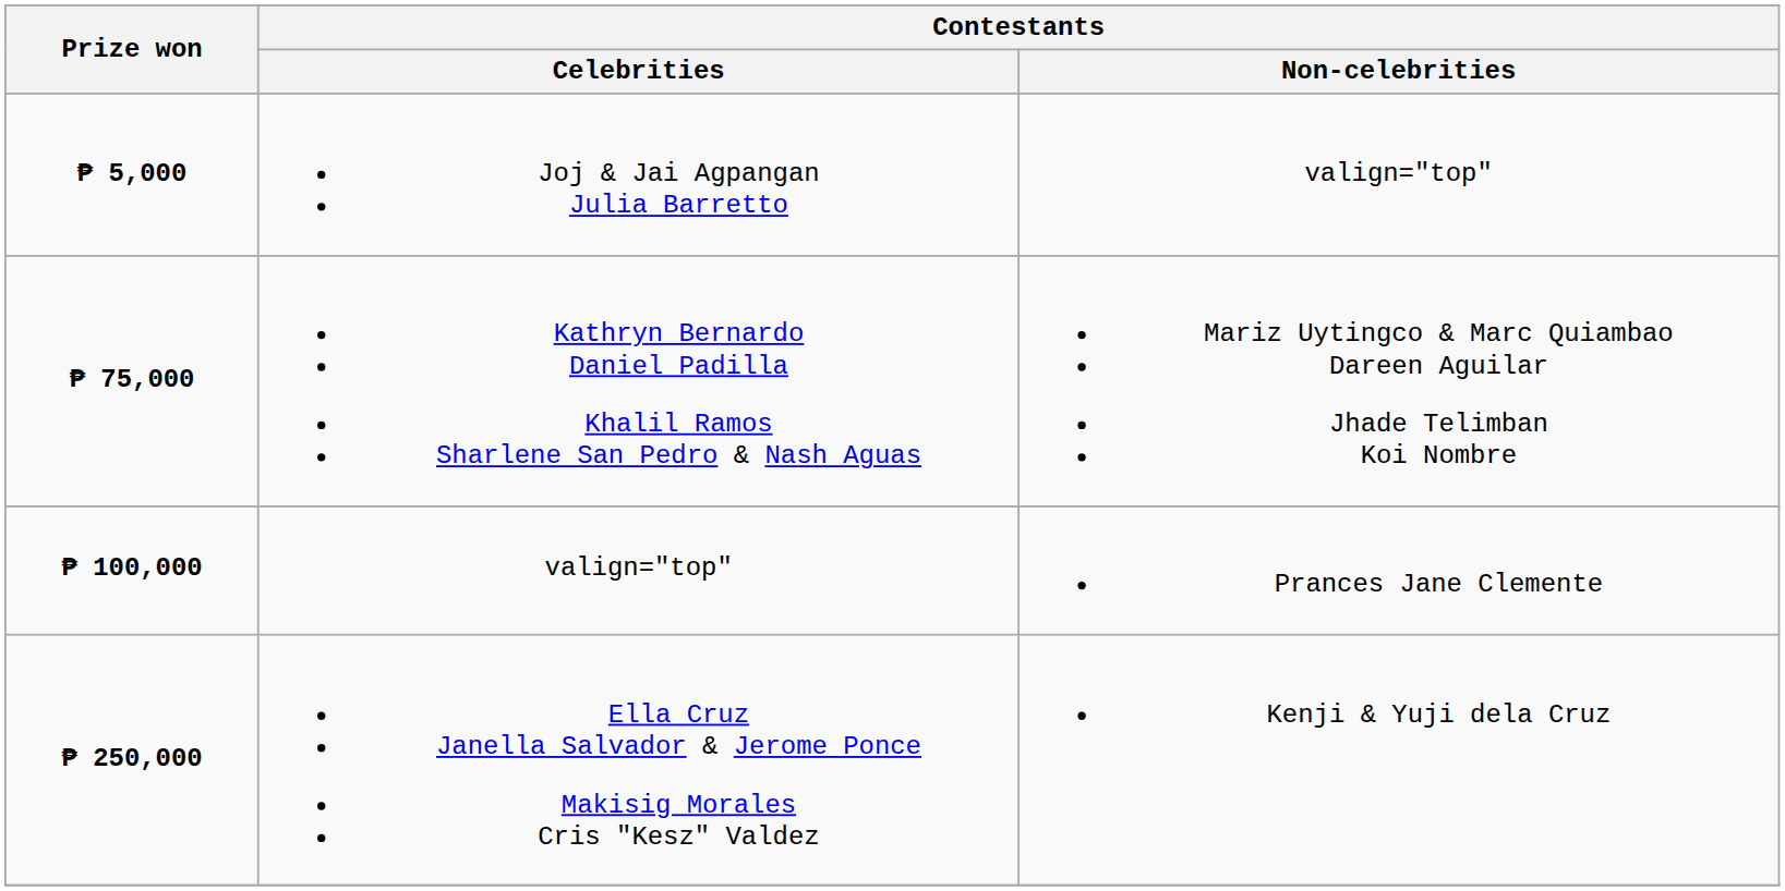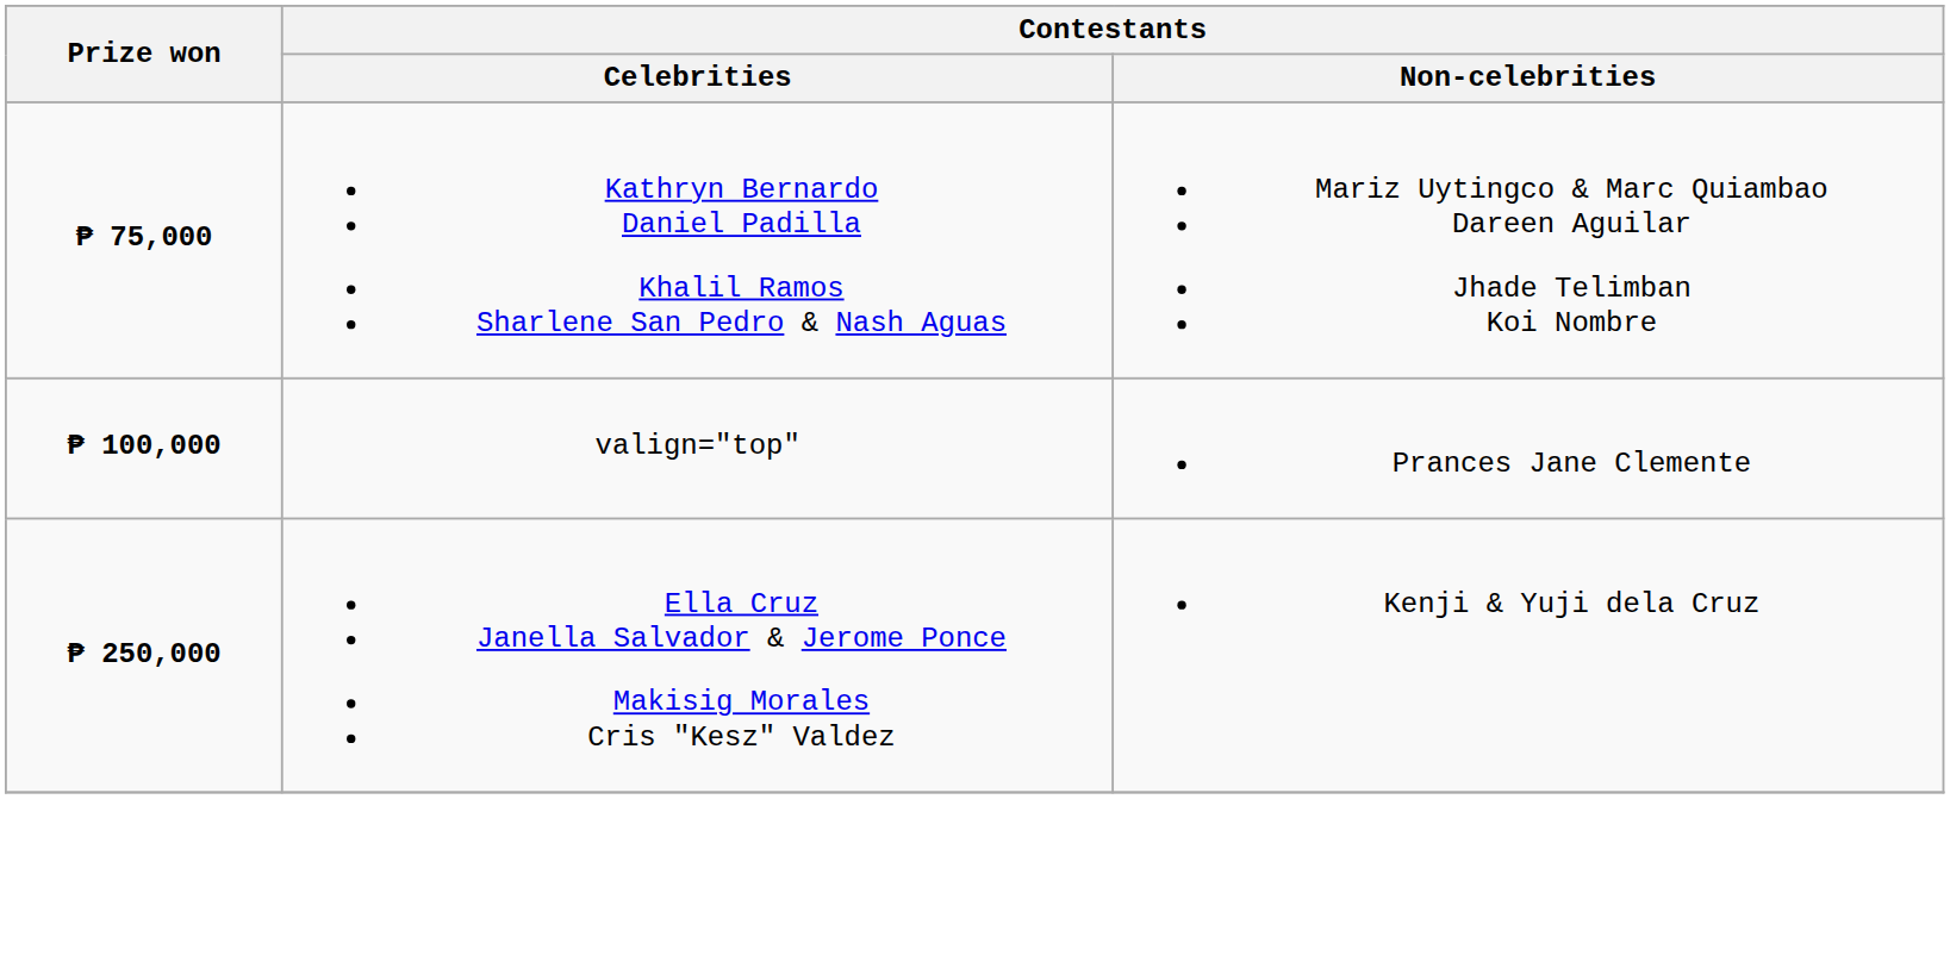 <table class="wikitable" style="text-align:center; line-height:16px; font-size:100%;" width="70%">
 <tr>
 <th width="10%" rowspan="2">Prize won</th>
 <th width="60%" colspan="2">Contestants</th>
 </tr>
 <tr>
 <th width="30%">Celebrities</th>
 <th width="30%">Non-celebrities</th>
-</tr>
-<tr>
-<td><strong>₱ 5,000</strong></td>
-<td valign="top"><br><ul><li>Joj & Jai Agpangan</li><li><a href='#'>Julia Barretto</a></li></ul></td>
-<td>valign="top" </td>
 </tr>
 <tr>
 <td><strong>₱ 75,000</strong></td>
 <td valign="top"><br> <ul><li><a href='#'>Kathryn Bernardo</a></li><li><a href='#'>Daniel Padilla</a></li></ul><ul><li><a href='#'>Khalil Ramos</a></li><li><a href='#'>Sharlene San Pedro</a> & <a href='#'>Nash Aguas</a></li></ul></td>
 <td valign="top"><br> <ul><li>Mariz Uytingco & Marc Quiambao</li><li>Dareen Aguilar</li></ul><ul><li>Jhade Telimban</li><li>Koi Nombre</li></ul></td>
 </tr>
 <tr>
 <td><strong>₱ 100,000</strong></td>
 <td>valign="top" </td>
 <td valign="top"><br><ul><li>Prances Jane Clemente</li></ul></td>
 </tr>
 <tr>
 <td><strong>₱ 250,000</strong></td>
 <td valign="top"><br> <ul><li><a href='#'>Ella Cruz</a></li><li><a href='#'>Janella Salvador</a> & <a href='#'>Jerome Ponce</a></li></ul><ul><li><a href='#'>Makisig Morales</a></li><li>Cris "Kesz" Valdez</li></ul></td>
 <td valign="top"><br><ul><li>Kenji & Yuji dela Cruz</li></ul></td>
 </tr>
 <tr>
 </tr>
 </table>
